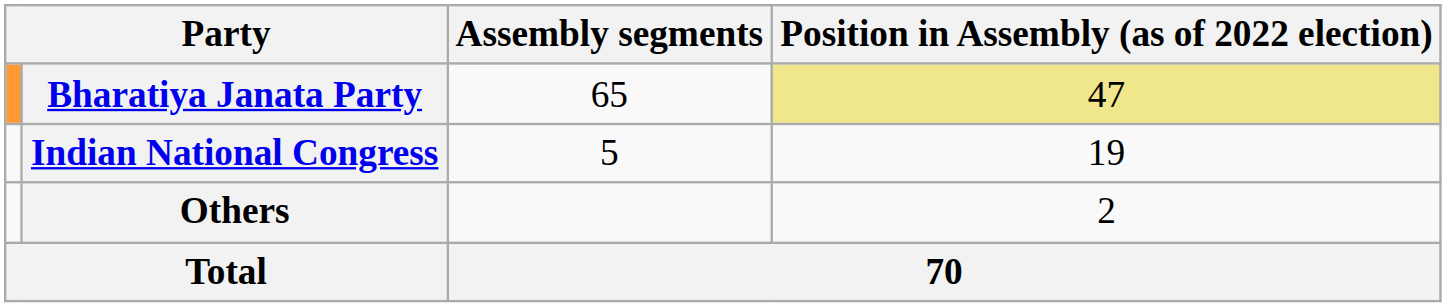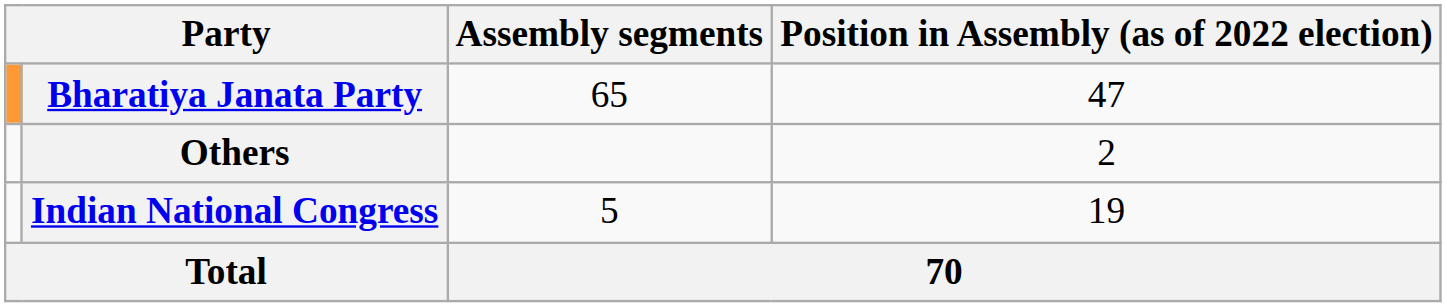 <table class="wikitable" style="text-align:center">
 <tr>
 <th colspan=2>Party</th>
 <th>Assembly segments</th>
 <th>Position in Assembly (as of 2022 election)</th>
 </tr>
 <tr>
 <td bgcolor=#FF9933></td>
 <th><a href='#'>Bharatiya Janata Party</a></th>
 <td>65</td>
-<td style="background: khaki;">47</td>
+<td>47</td>
+</tr>
+<tr>
+<td bgcolor=#FAF8FA></td>
+<th>Others</th>
+<td></td>
+<td>2</td>
 </tr>
 <tr>
 <td></td>
 <th><a href='#'>Indian National Congress</a></th>
 <td>5</td>
 <td>19</td>
 </tr>
 <tr>
-<td bgcolor=#FAF8FA></td>
-<th>Others</th>
-<td></td>
-<td>2</td>
-</tr>
-<tr>
 <th colspan=2>Total</th>
 <th colspan=2>70</th>
 </tr>
 </table>
